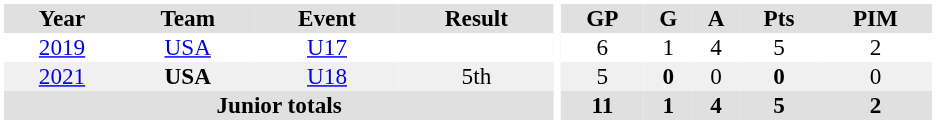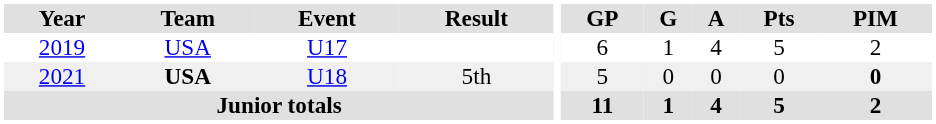 <table border="0" cellpadding="1" cellspacing="0" ID="Table3" style="text-align:center; width:40em;">
 <tr bgcolor="#e0e0e0">
 <th>Year</th>
 <th>Team</th>
 <th>Event</th>
 <th>Result</th>
 <th rowspan="98" bgcolor="#ffffff"></th>
 <th>GP</th>
 <th>G</th>
 <th>A</th>
 <th>Pts</th>
 <th>PIM</th>
 </tr>
 <tr>
 <td><a href='#'>2019</a></td>
 <td><a href='#'>USA</a></td>
 <td><a href='#'>U17</a></td>
 <td></td>
 <td>6</td>
 <td>1</td>
 <td>4</td>
 <td>5</td>
 <td>2</td>
 </tr>
 <tr bgcolor="#f0f0f0">
 <td><a href='#'>2021</a></td>
 <td><strong>USA</strong></td>
 <td><a href='#'>U18</a></td>
 <td>5th</td>
 <td>5</td>
-<td><strong>0</strong></td>
+<td>0</td>
+<td>0</td>
 <td>0</td>
 <td><strong>0</strong></td>
-<td>0</td>
 </tr>
 <tr bgcolor="#e0e0e0">
 <th colspan="4">Junior totals</th>
 <th>11</th>
 <th>1</th>
 <th>4</th>
 <th>5</th>
 <th>2</th>
 </tr>
 </table>
